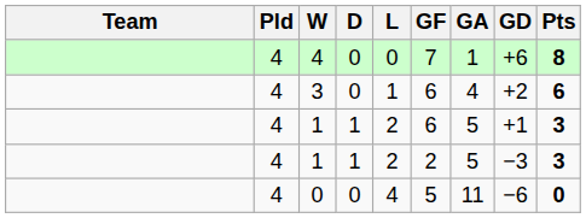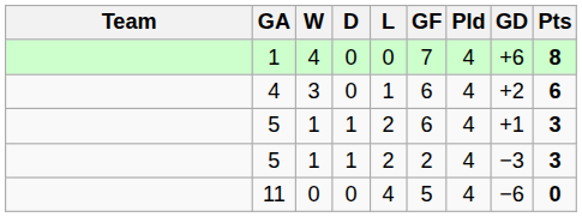 <table class="wikitable" style="text-align:center;">
 <tr>
 <th width=175>Team</th>
-<th style="width:20px;" abbr="Played">Pld</th>
+<th style="width:20px;" abbr="Goals against">GA</th>
 <th style="width:20px;" abbr="Won">W</th>
 <th style="width:20px;" abbr="Drawn">D</th>
 <th style="width:20px;" abbr="Lost">L</th>
 <th style="width:20px;" abbr="Goals for">GF</th>
-<th style="width:20px;" abbr="Goals against">GA</th>
+<th style="width:20px;" abbr="Played">Pld</th>
 <th style="width:20px;" abbr="Goal difference">GD</th>
 <th style="width:20px;" abbr="Points">Pts</th>
 </tr>
 <tr bgcolor="#ccffcc">
 <td align=left></td>
-<td>4</td>
+<td>1</td>
 <td>4</td>
 <td>0</td>
 <td>0</td>
 <td>7</td>
-<td>1</td>
+<td>4</td>
 <td>+6</td>
 <td><strong>8</strong></td>
 </tr>
 <tr>
 <td align=left></td>
 <td>4</td>
 <td>3</td>
 <td>0</td>
 <td>1</td>
 <td>6</td>
 <td>4</td>
 <td>+2</td>
 <td><strong>6</strong></td>
 </tr>
 <tr>
 <td align=left></td>
-<td>4</td>
+<td>5</td>
 <td>1</td>
 <td>1</td>
 <td>2</td>
 <td>6</td>
-<td>5</td>
+<td>4</td>
 <td>+1</td>
 <td><strong>3</strong></td>
 </tr>
 <tr>
 <td align=left></td>
-<td>4</td>
+<td>5</td>
 <td>1</td>
 <td>1</td>
 <td>2</td>
 <td>2</td>
-<td>5</td>
+<td>4</td>
 <td>−3</td>
 <td><strong>3</strong></td>
 </tr>
 <tr>
 <td align=left></td>
-<td>4</td>
+<td>11</td>
 <td>0</td>
 <td>0</td>
 <td>4</td>
 <td>5</td>
-<td>11</td>
+<td>4</td>
 <td>−6</td>
 <td><strong>0</strong></td>
 </tr>
 </table>
